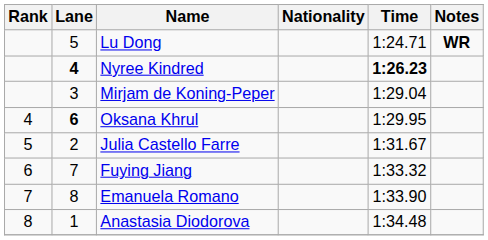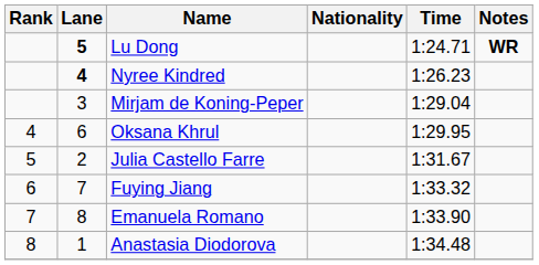 <table class="wikitable" style="text-align:center;">
 <tr>
 <th>Rank</th>
 <th>Lane</th>
 <th>Name</th>
 <th>Nationality</th>
 <th>Time</th>
 <th>Notes</th>
 </tr>
 <tr>
 <td></td>
-<td>5</td>
+<td><strong>5</strong></td>
 <td style="text-align:left;"><a href='#'>Lu Dong</a></td>
 <td style="text-align:left;"></td>
 <td>1:24.71</td>
 <td><strong>WR</strong></td>
 </tr>
 <tr>
 <td></td>
 <td><strong>4</strong></td>
 <td style="text-align:left;"><a href='#'>Nyree Kindred</a></td>
 <td style="text-align:left;"></td>
-<td><strong>1:26.23</strong></td>
+<td>1:26.23</td>
 <td></td>
 </tr>
 <tr>
 <td></td>
 <td>3</td>
 <td style="text-align:left;"><a href='#'>Mirjam de Koning-Peper</a></td>
 <td style="text-align:left;"></td>
 <td>1:29.04</td>
 <td></td>
 </tr>
 <tr>
 <td>4</td>
-<td><strong>6</strong></td>
+<td>6</td>
 <td style="text-align:left;"><a href='#'>Oksana Khrul</a></td>
 <td style="text-align:left;"></td>
 <td>1:29.95</td>
 <td></td>
 </tr>
 <tr>
 <td>5</td>
 <td>2</td>
 <td style="text-align:left;"><a href='#'>Julia Castello Farre</a></td>
 <td style="text-align:left;"></td>
 <td>1:31.67</td>
 <td></td>
 </tr>
 <tr>
 <td>6</td>
 <td>7</td>
 <td style="text-align:left;"><a href='#'>Fuying Jiang</a></td>
 <td style="text-align:left;"></td>
 <td>1:33.32</td>
 <td></td>
 </tr>
 <tr>
 <td>7</td>
 <td>8</td>
 <td style="text-align:left;"><a href='#'>Emanuela Romano</a></td>
 <td style="text-align:left;"></td>
 <td>1:33.90</td>
 <td></td>
 </tr>
 <tr>
 <td>8</td>
 <td>1</td>
 <td style="text-align:left;"><a href='#'>Anastasia Diodorova</a></td>
 <td style="text-align:left;"></td>
 <td>1:34.48</td>
 <td></td>
 </tr>
 <tr>
 </tr>
 </table>
